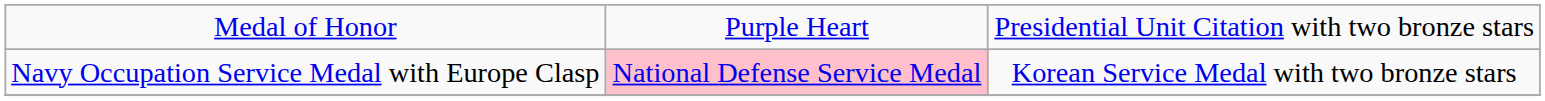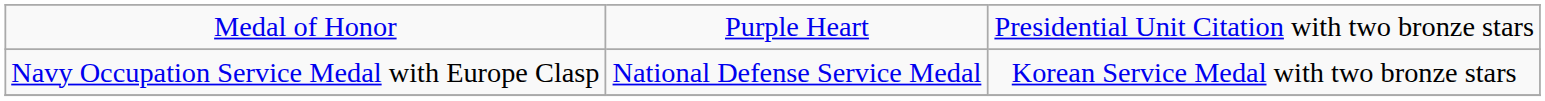 <table class="wikitable" style="margin:1em auto; text-align:center;">
 <tr>
 <td><a href='#'>Medal of Honor</a></td>
 <td><a href='#'>Purple Heart</a></td>
 <td><a href='#'>Presidential Unit Citation</a> with two bronze stars</td>
 </tr>
 <tr>
 <td><a href='#'>Navy Occupation Service Medal</a> with Europe Clasp</td>
-<td style="background: pink;"><a href='#'>National Defense Service Medal</a></td>
+<td><a href='#'>National Defense Service Medal</a></td>
 <td><a href='#'>Korean Service Medal</a> with two bronze stars</td>
 </tr>
 <tr>
 </tr>
 </table>
